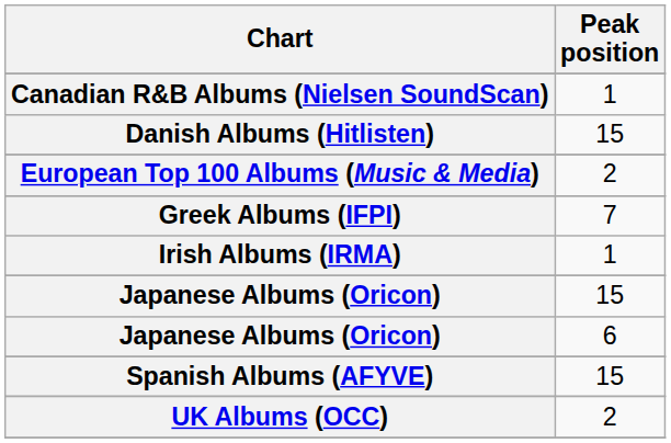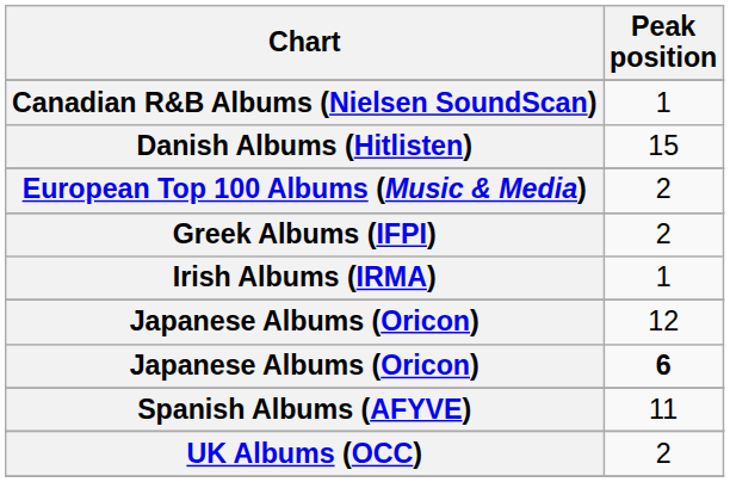 <table class="wikitable plainrowheaders sortable" style="text-align:center;">
 <tr>
 <th scope="col">Chart</th>
 <th scope="col">Peak<br>position</th>
 </tr>
 <tr>
 </tr>
 <tr>
 </tr>
 <tr>
 </tr>
 <tr>
 </tr>
 <tr>
 </tr>
 <tr>
 <th scope="row">Canadian R&B Albums (<a href='#'>Nielsen SoundScan</a>)</th>
 <td>1</td>
 </tr>
 <tr>
 <th scope="row">Danish Albums (<a href='#'>Hitlisten</a>)</th>
 <td>15</td>
 </tr>
 <tr>
 </tr>
 <tr>
 <th scope="row"><a href='#'>European Top 100 Albums</a> (<em><a href='#'>Music & Media</a></em>)</th>
 <td>2</td>
 </tr>
 <tr>
 </tr>
 <tr>
 </tr>
 <tr>
 </tr>
 <tr>
 <th scope="row">Greek Albums (<a href='#'>IFPI</a>)</th>
-<td>7</td>
+<td>2</td>
 </tr>
 <tr>
 <th scope="row">Irish Albums (<a href='#'>IRMA</a>)</th>
 <td>1</td>
 </tr>
 <tr>
 </tr>
 <tr>
 <th scope="row">Japanese Albums (<a href='#'>Oricon</a>)</th>
-<td>15</td>
+<td>12</td>
 </tr>
 <tr>
 <th scope="row">Japanese Albums (<a href='#'>Oricon</a>)<br></th>
-<td>6</td>
+<td><strong>6</strong></td>
 </tr>
 <tr>
 </tr>
 <tr>
 </tr>
 <tr>
 </tr>
 <tr>
 <th scope="row">Spanish Albums (<a href='#'>AFYVE</a>)</th>
-<td>15</td>
+<td>11</td>
 </tr>
 <tr>
 </tr>
 <tr>
 </tr>
 <tr>
 <th scope="row"><a href='#'>UK Albums</a> (<a href='#'>OCC</a>)</th>
 <td>2</td>
 </tr>
 <tr>
 </tr>
 <tr>
 </tr>
 <tr>
 </tr>
 </table>
